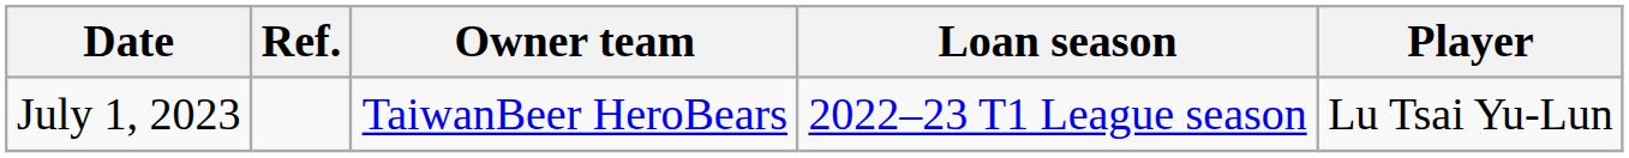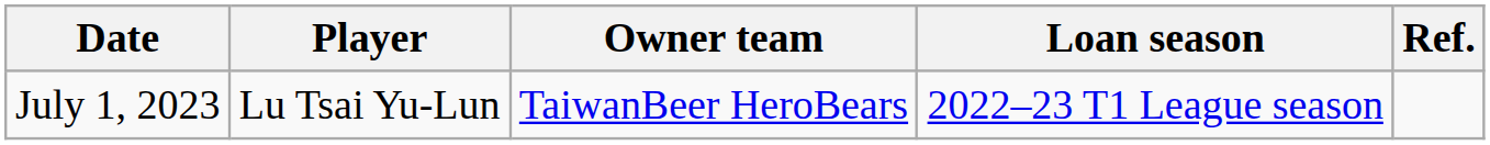 <table class="wikitable">
 <tr>
 <th>Date</th>
-<th>Ref.</th>
+<th>Player</th>
 <th>Owner team</th>
 <th>Loan season</th>
-<th>Player</th>
+<th>Ref.</th>
 </tr>
 <tr>
 <td>July 1, 2023</td>
-<td></td>
+<td>Lu Tsai Yu-Lun</td>
 <td><a href='#'>TaiwanBeer HeroBears</a></td>
 <td><a href='#'>2022–23 T1 League season</a></td>
-<td>Lu Tsai Yu-Lun</td>
+<td></td>
 </tr>
 </table>
